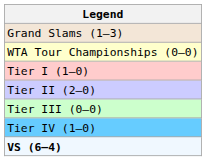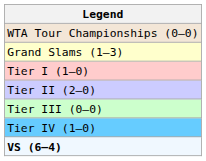 <table class=wikitable style="font-size:97%">
 <tr>
 <th>Legend</th>
 </tr>
 <tr style="background:#f3e6d7;">
-<td>Grand Slams (1–3)</td>
+<td>WTA Tour Championships (0–0)</td>
 </tr>
 <tr style="background:#ffc;">
-<td>WTA Tour Championships (0–0)</td>
+<td>Grand Slams (1–3)</td>
 </tr>
 <tr style="background:#fcc;">
 <td>Tier I (1–0)</td>
 </tr>
 <tr style="background:#ccf;">
 <td>Tier II (2–0)</td>
 </tr>
 <tr style="background:#cfc;">
 <td>Tier III (0–0)</td>
 </tr>
 <tr style="background:#6cf;">
 <td>Tier IV (1–0)</td>
 </tr>
 <tr style="background:#f0f8ff;">
 <td><strong>VS (6–4)</strong></td>
 </tr>
 </table>
